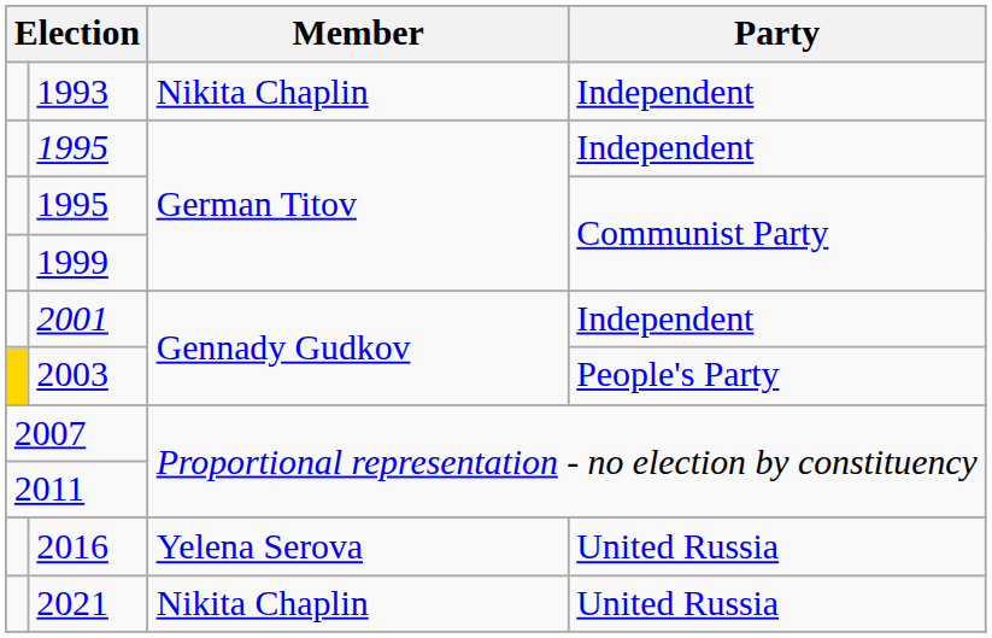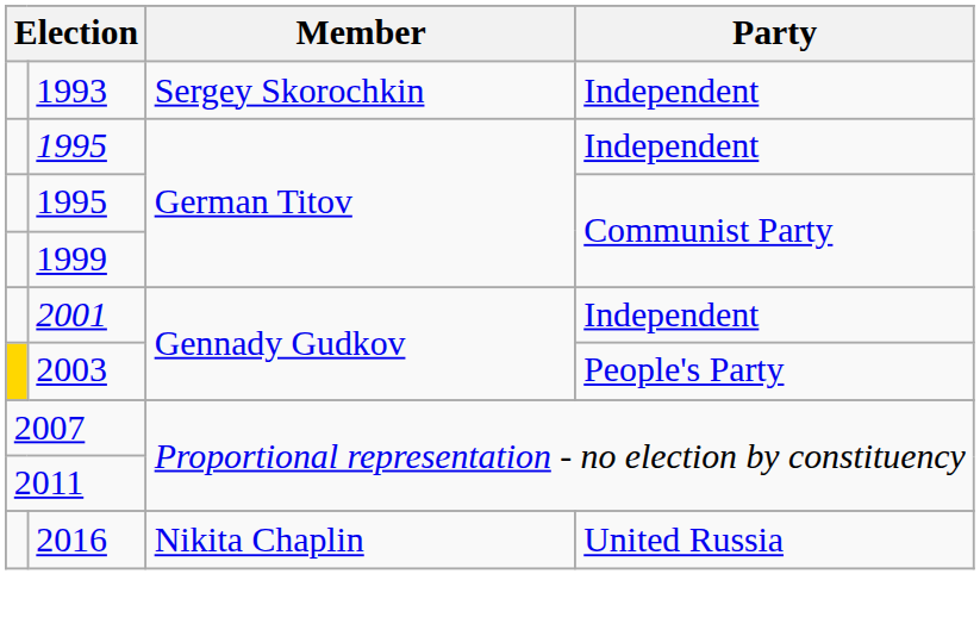 <table class="wikitable">
 <tr>
 <th colspan="2">Election</th>
 <th>Member</th>
 <th>Party</th>
 </tr>
 <tr>
 <td style="background-color:"></td>
 <td><a href='#'>1993</a></td>
-<td><a href='#'>Nikita Chaplin</a></td>
+<td><a href='#'>Sergey Skorochkin</a></td>
 <td><a href='#'>Independent</a></td>
 </tr>
 <tr>
 <td style="background-color:"></td>
 <td><em><a href='#'>1995</a></em></td>
 <td rowspan=3><a href='#'>German Titov</a></td>
 <td><a href='#'>Independent</a></td>
 </tr>
 <tr>
 <td style="background-color:"></td>
 <td><a href='#'>1995</a></td>
 <td rowspan=2><a href='#'>Communist Party</a></td>
 </tr>
 <tr>
 <td style="background-color:"></td>
 <td><a href='#'>1999</a></td>
 </tr>
 <tr>
 <td style="background-color:"></td>
 <td><em><a href='#'>2001</a></em></td>
 <td rowspan=2><a href='#'>Gennady Gudkov</a></td>
 <td><a href='#'>Independent</a></td>
 </tr>
 <tr>
 <td style="background-color:#FFD700"></td>
 <td><a href='#'>2003</a></td>
 <td><a href='#'>People's Party</a></td>
 </tr>
 <tr>
 <td colspan=2><a href='#'>2007</a></td>
 <td colspan=2 rowspan=2><em><a href='#'>Proportional representation</a> - no election by constituency</em></td>
 </tr>
 <tr>
 <td colspan=2><a href='#'>2011</a></td>
 </tr>
 <tr>
 <td style="background-color:"></td>
 <td><a href='#'>2016</a></td>
-<td><a href='#'>Yelena Serova</a></td>
-<td><a href='#'>United Russia</a></td>
-</tr>
-<tr>
-<td style="background-color:"></td>
-<td><a href='#'>2021</a></td>
 <td><a href='#'>Nikita Chaplin</a></td>
 <td><a href='#'>United Russia</a></td>
 </tr>
 </table>
